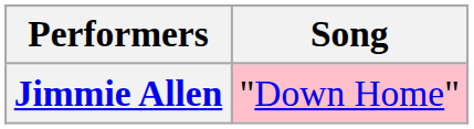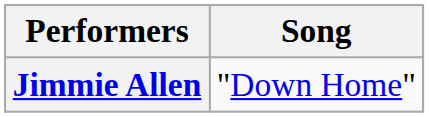 <table class="wikitable unsortable" style="text-align:center;">
 <tr>
 <th scope="col">Performers</th>
 <th scope="col">Song</th>
 </tr>
 <tr>
 <th scope="row"><a href='#'>Jimmie Allen</a></th>
-<td style="background: pink;">"<a href='#'>Down Home</a>"</td>
+<td>"<a href='#'>Down Home</a>"</td>
 </tr>
 </table>
